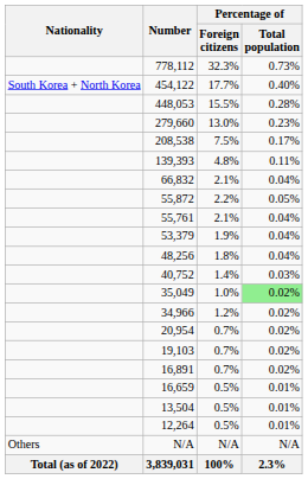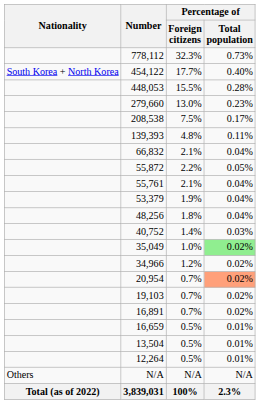 <table class=wikitable>
 <tr>
 <th rowspan="2">Nationality</th>
 <th rowspan="2">Number</th>
 <th colspan="2">Percentage of</th>
 </tr>
 <tr>
 <th>Foreign<br>citizens</th>
 <th>Total<br>population</th>
 </tr>
 <tr>
 <td></td>
 <td align=right>778,112</td>
 <td align="right">32.3%</td>
 <td align=right>0.73%</td>
 </tr>
 <tr>
 <td> <a href='#'>South Korea</a> + <a href='#'>North Korea</a></td>
 <td align=right>454,122</td>
 <td align="right">17.7%</td>
 <td align=right>0.40%</td>
 </tr>
 <tr>
 <td></td>
 <td align=right>448,053</td>
 <td align="right">15.5%</td>
 <td align="right">0.28%</td>
 </tr>
 <tr>
 <td></td>
 <td align=right>279,660</td>
 <td align="right">13.0%</td>
 <td align=right>0.23%</td>
 </tr>
 <tr>
 <td></td>
 <td align=right>208,538</td>
 <td align="right">7.5%</td>
 <td align=right>0.17%</td>
 </tr>
 <tr>
 <td></td>
 <td align=right>139,393</td>
 <td align="right">4.8%</td>
 <td align=right>0.11%</td>
 </tr>
 <tr>
 <td></td>
 <td align="right">66,832</td>
 <td align="right">2.1%</td>
 <td align="right">0.04%</td>
 </tr>
 <tr>
 <td></td>
 <td align=right>55,872</td>
 <td align="right">2.2%</td>
 <td align=right>0.05%</td>
 </tr>
 <tr>
 <td></td>
 <td align=right>55,761</td>
 <td align="right">2.1%</td>
 <td align=right>0.04%</td>
 </tr>
 <tr>
 <td></td>
 <td align=right>53,379</td>
 <td align="right">1.9%</td>
 <td align=right>0.04%</td>
 </tr>
 <tr>
 <td></td>
 <td align=right>48,256</td>
 <td align="right">1.8%</td>
 <td align=right>0.04%</td>
 </tr>
 <tr>
 <td></td>
 <td align=right>40,752</td>
 <td align="right">1.4%</td>
 <td align=right>0.03%</td>
 </tr>
 <tr>
 <td></td>
 <td align=right>35,049</td>
 <td align="right">1.0%</td>
 <td align=right style="background: lightgreen;">0.02%</td>
 </tr>
 <tr>
 <td></td>
 <td align=right>34,966</td>
 <td align="right">1.2%</td>
 <td align=right>0.02%</td>
 </tr>
 <tr>
 <td></td>
 <td align="right">20,954</td>
 <td align="right">0.7%</td>
-<td align="right">0.02%</td>
+<td align="right" style="background: lightsalmon;">0.02%</td>
 </tr>
 <tr>
 <td></td>
 <td align="right">19,103</td>
 <td align="right">0.7%</td>
 <td align="right">0.02%</td>
 </tr>
 <tr>
 <td></td>
 <td align=right>16,891</td>
 <td align="right">0.7%</td>
 <td align=right>0.02%</td>
 </tr>
 <tr>
 <td></td>
 <td align="right">16,659</td>
 <td align="right">0.5%</td>
 <td align="right">0.01%</td>
 </tr>
 <tr>
 <td></td>
 <td align="right">13,504</td>
 <td align="right">0.5%</td>
 <td align="right">0.01%</td>
 </tr>
 <tr>
 <td></td>
 <td align="right">12,264</td>
 <td align="right">0.5%</td>
 <td align="right">0.01%</td>
 </tr>
 <tr>
 <td>Others</td>
 <td align=right>N/A</td>
 <td align=right>N/A</td>
 <td align=right>N/A</td>
 </tr>
 <tr>
 <th>Total (as of 2022)</th>
 <th align="right"><strong>3,839,031</strong></th>
 <th align="right">100%</th>
 <th align=right>2.3%</th>
 </tr>
 </table>
